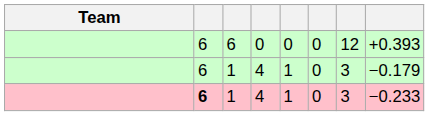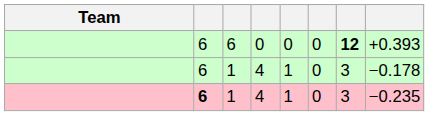 <table class="wikitable">
 <tr>
 <th style="width:175px;">Team</th>
 <th style="width:20px;"></th>
 <th style="width:20px;"></th>
 <th style="width:20px;"></th>
 <th style="width:20px;"></th>
 <th style="width:20px;"></th>
 <th style="width:20px;"></th>
 <th style="width:45px;"></th>
 </tr>
 <tr style="background:#cfc;">
 <td align=left></td>
 <td>6</td>
 <td>6</td>
 <td>0</td>
 <td>0</td>
 <td>0</td>
-<td>12</td>
+<td><strong>12</strong></td>
 <td>+0.393</td>
 </tr>
 <tr bgcolor=ccffcc>
 <td align=left></td>
 <td>6</td>
 <td>1</td>
 <td>4</td>
 <td>1</td>
 <td>0</td>
 <td>3</td>
-<td>−0.179</td>
+<td>−0.178</td>
 </tr>
 <tr bgcolor=pink>
 <td align=left></td>
 <td><strong>6</strong></td>
 <td>1</td>
 <td>4</td>
 <td>1</td>
 <td>0</td>
 <td>3</td>
-<td>−0.233</td>
+<td>−0.235</td>
 </tr>
 </table>
